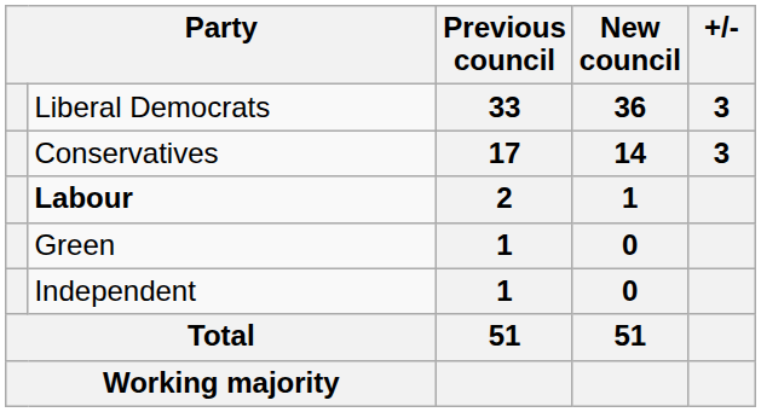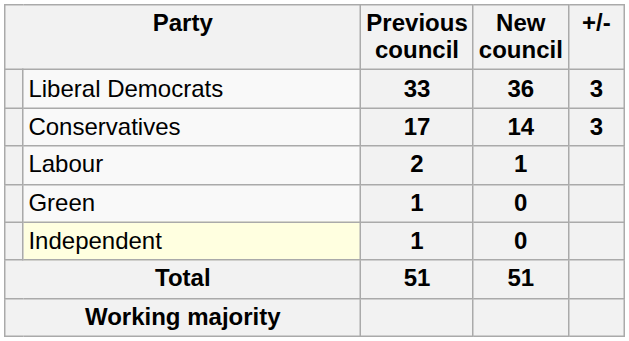 <table class="wikitable">
 <tr>
 <th valign=top colspan="2" style="width: 230px">Party</th>
 <th valign=top style="width: 30px">Previous council</th>
 <th valign=top style="width: 30px">New council</th>
 <th valign=top style="width: 30px">+/-</th>
 </tr>
 <tr>
 <th style="background-color: "></th>
 <td>Liberal Democrats</td>
 <th align=center>33</th>
 <th align=center>36</th>
 <th align=center>3</th>
 </tr>
 <tr>
 <th style="background-color: "></th>
 <td>Conservatives</td>
 <th align=center>17</th>
 <th align=center>14</th>
 <th align=center>3</th>
 </tr>
 <tr>
 <th style="background-color: "></th>
-<td><strong>Labour</strong></td>
+<td>Labour</td>
 <th align=center>2</th>
 <th align=center>1</th>
 <th align=center></th>
 </tr>
 <tr>
 <th style="background-color: "></th>
 <td>Green</td>
 <th align=center>1</th>
 <th align=center>0</th>
 <th align=center></th>
 </tr>
 <tr>
 <th style="background-color: "></th>
-<td>Independent</td>
+<td style="background: lightyellow;">Independent</td>
 <th align=center>1</th>
 <th align=center>0</th>
 <th align=center></th>
 </tr>
 <tr>
 <th colspan=2>Total</th>
 <th style="text-align: center">51</th>
 <th style="text-align: center">51</th>
 <th></th>
 </tr>
 <tr>
 <th colspan=2>Working majority</th>
 <th></th>
 <th></th>
 <th></th>
 </tr>
 </table>
